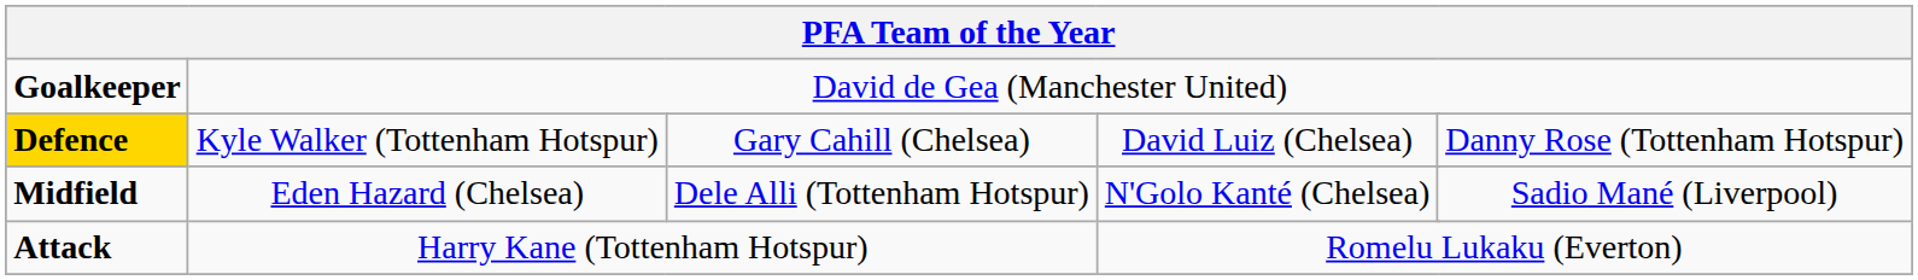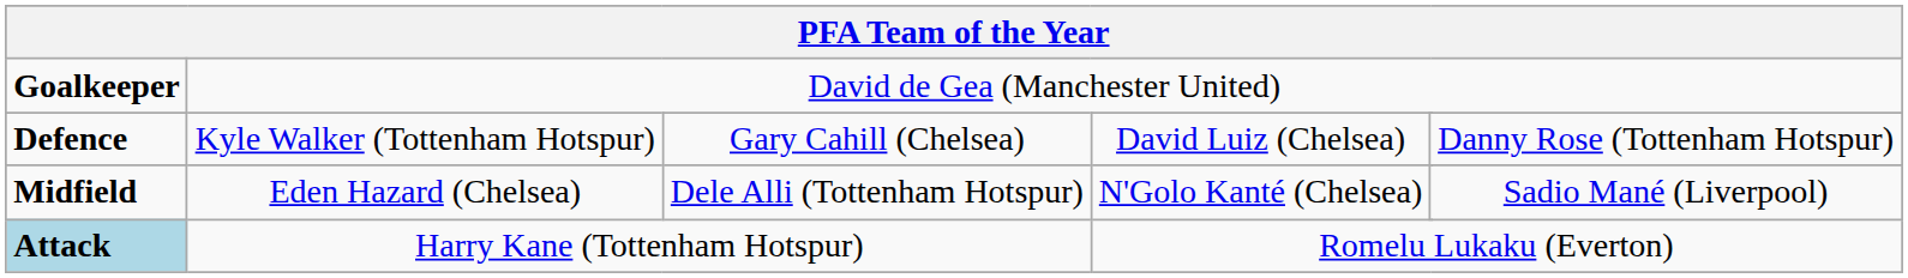 <table class="wikitable">
 <tr>
 <th colspan="13"><a href='#'>PFA Team of the Year</a></th>
 </tr>
 <tr>
 <td><strong>Goalkeeper</strong></td>
 <td colspan="12" style="text-align:center;"> <a href='#'>David de Gea</a> (Manchester United)</td>
 </tr>
 <tr>
-<td style="background: gold;"><strong>Defence</strong></td>
+<td><strong>Defence</strong></td>
 <td colspan="3" style="text-align:center;"> <a href='#'>Kyle Walker</a> (Tottenham Hotspur)</td>
 <td colspan="3" style="text-align:center;"> <a href='#'>Gary Cahill</a> (Chelsea)</td>
 <td colspan="3" style="text-align:center;"> <a href='#'>David Luiz</a> (Chelsea)</td>
 <td colspan="3" style="text-align:center;"> <a href='#'>Danny Rose</a> (Tottenham Hotspur)</td>
 </tr>
 <tr>
 <td><strong>Midfield</strong></td>
 <td colspan="3" style="text-align:center;"> <a href='#'>Eden Hazard</a> (Chelsea)</td>
 <td colspan="3" style="text-align:center;"> <a href='#'>Dele Alli</a> (Tottenham Hotspur)</td>
 <td colspan="3" style="text-align:center;"> <a href='#'>N'Golo Kanté</a> (Chelsea)</td>
 <td colspan="3" style="text-align:center;"> <a href='#'>Sadio Mané</a> (Liverpool)</td>
 </tr>
 <tr>
-<td><strong>Attack</strong></td>
+<td style="background: lightblue;"><strong>Attack</strong></td>
 <td colspan="6" style="text-align:center;"> <a href='#'>Harry Kane</a> (Tottenham Hotspur)</td>
 <td colspan="6" style="text-align:center;"> <a href='#'>Romelu Lukaku</a> (Everton)</td>
 </tr>
 </table>
